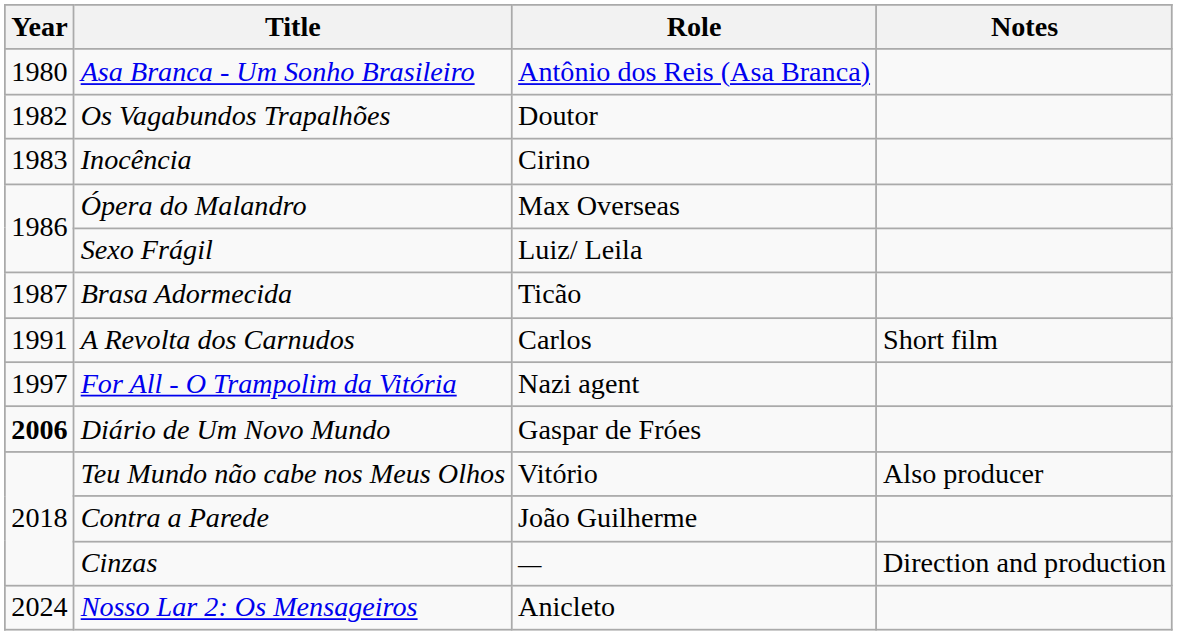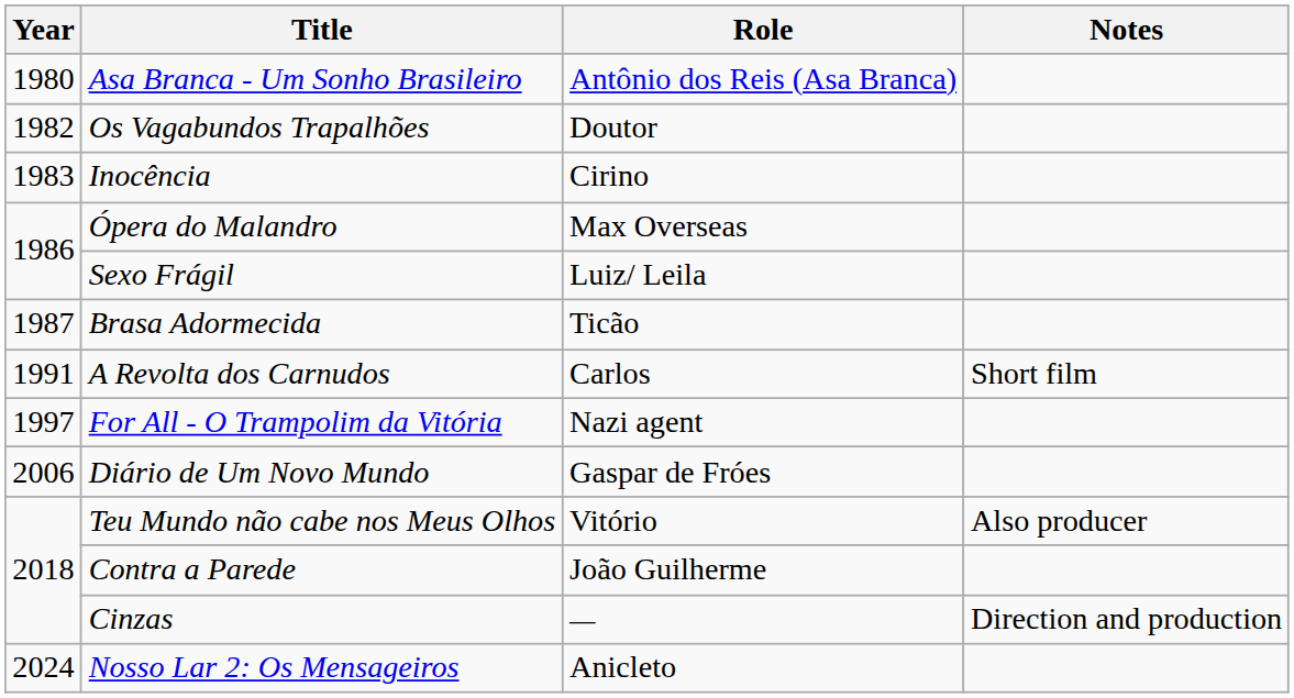 <table class="wikitable">
 <tr>
 <th>Year</th>
 <th>Title</th>
 <th>Role</th>
 <th>Notes</th>
 </tr>
 <tr>
 <td>1980</td>
 <td><em><a href='#'>Asa Branca - Um Sonho Brasileiro</a></em></td>
 <td><a href='#'>Antônio dos Reis (Asa Branca)</a></td>
 <td></td>
 </tr>
 <tr>
 <td>1982</td>
 <td><em>Os Vagabundos Trapalhões</em></td>
 <td>Doutor</td>
 <td></td>
 </tr>
 <tr>
 <td>1983</td>
 <td><em>Inocência</em></td>
 <td>Cirino</td>
 <td></td>
 </tr>
 <tr>
 <td rowspan="2">1986</td>
 <td><em>Ópera do Malandro</em></td>
 <td>Max Overseas</td>
 <td></td>
 </tr>
 <tr>
 <td><em>Sexo Frágil</em></td>
 <td>Luiz/ Leila</td>
 <td></td>
 </tr>
 <tr>
 <td>1987</td>
 <td><em>Brasa Adormecida</em></td>
 <td>Ticão</td>
 <td></td>
 </tr>
 <tr>
 <td>1991</td>
 <td><em>A Revolta dos Carnudos</em></td>
 <td>Carlos</td>
 <td>Short film</td>
 </tr>
 <tr>
 <td>1997</td>
 <td><em><a href='#'>For All - O Trampolim da Vitória</a></em></td>
 <td>Nazi agent</td>
 <td></td>
 </tr>
 <tr>
-<td><strong>2006</strong></td>
+<td>2006</td>
 <td><em>Diário de Um Novo Mundo</em></td>
 <td>Gaspar de Fróes</td>
 <td></td>
 </tr>
 <tr>
 <td rowspan="3">2018</td>
 <td><em>Teu Mundo não cabe nos Meus Olhos</em></td>
 <td>Vitório</td>
 <td>Also producer</td>
 </tr>
 <tr>
 <td><em>Contra a Parede</em></td>
 <td>João Guilherme</td>
 <td></td>
 </tr>
 <tr>
 <td><em>Cinzas</em></td>
 <td><small>—</small></td>
 <td>Direction and production</td>
 </tr>
 <tr>
 <td>2024</td>
 <td><em><a href='#'>Nosso Lar 2: Os Mensageiros</a></em></td>
 <td>Anicleto</td>
 <td></td>
 </tr>
 </table>
